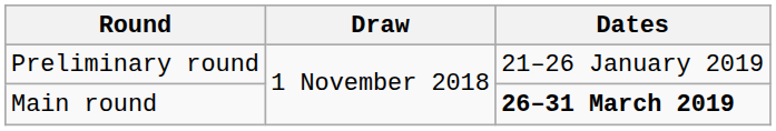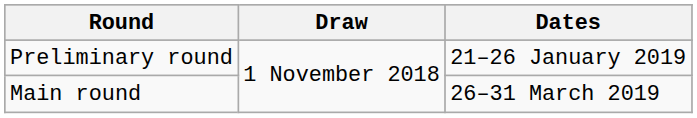 <table class="wikitable">
 <tr>
 <th>Round</th>
 <th>Draw</th>
 <th>Dates</th>
 </tr>
 <tr>
 <td>Preliminary round</td>
 <td rowspan=2>1 November 2018</td>
 <td>21–26 January 2019</td>
 </tr>
 <tr>
 <td>Main round</td>
-<td><strong>26–31 March 2019</strong></td>
+<td>26–31 March 2019</td>
 </tr>
 </table>
